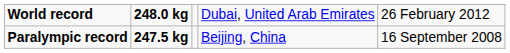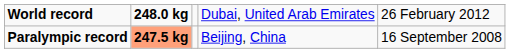 <table class="wikitable">
 <tr>
 <td><strong>World record</strong></td>
 <td><strong>248.0 kg</strong></td>
 <td></td>
 <td><a href='#'>Dubai</a>, <a href='#'>United Arab Emirates</a></td>
 <td>26 February 2012</td>
 </tr>
 <tr>
 <td><strong>Paralympic record</strong></td>
-<td><strong>247.5 kg</strong></td>
+<td style="background: lightsalmon;"><strong>247.5 kg</strong></td>
 <td></td>
 <td><a href='#'>Beijing</a>, <a href='#'>China</a></td>
 <td>16 September 2008</td>
 </tr>
 </table>
